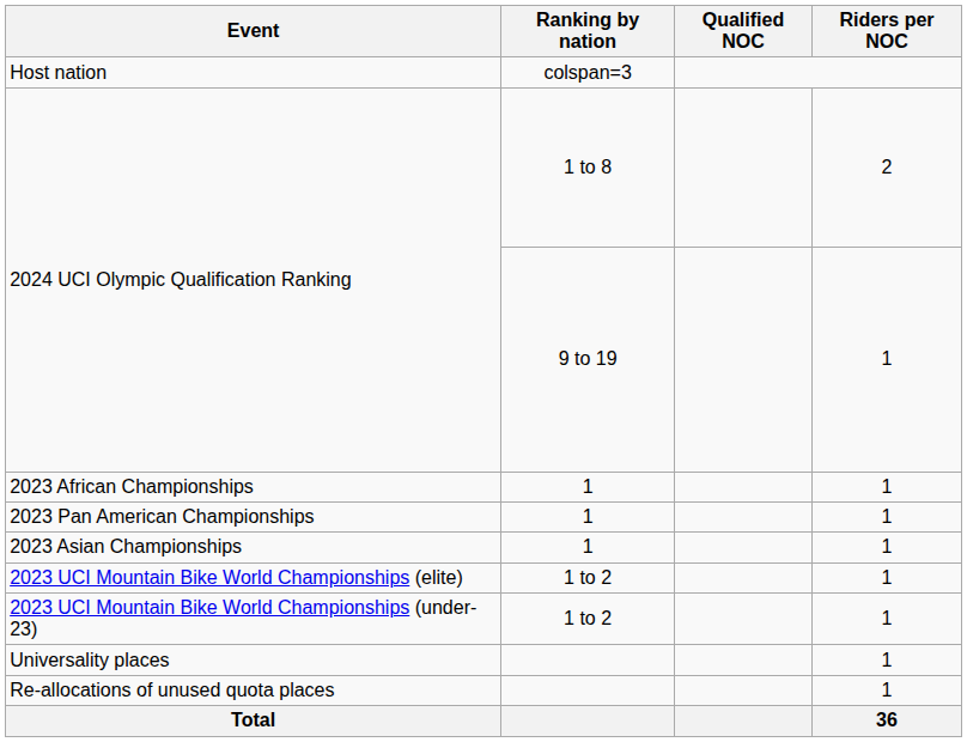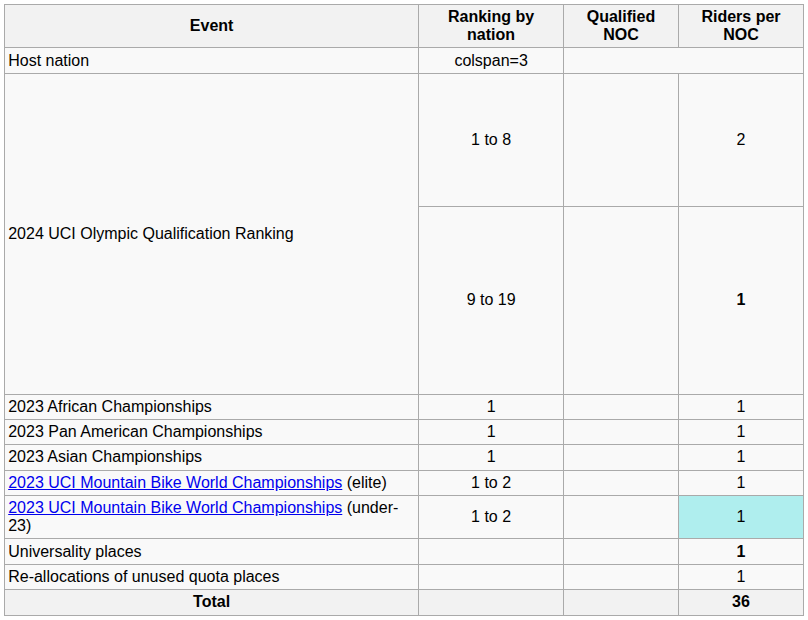 <table class="wikitable"  style="width:800px; text-align:center;">
 <tr>
 <th>Event</th>
 <th>Ranking by nation</th>
 <th>Qualified NOC</th>
 <th>Riders per NOC</th>
 </tr>
 <tr>
 <td align=left>Host nation</td>
 <td>colspan=3 </td>
 </tr>
 <tr>
 <td rowspan=2 align=left>2024 UCI Olympic Qualification Ranking</td>
 <td>1 to 8</td>
 <td align="left"><br><br><br><br><br><br><br></td>
 <td>2</td>
 </tr>
 <tr>
 <td>9 to 19</td>
 <td align="left"><br><br><br><br><br><br><br><br><br><br></td>
-<td>1</td>
+<td><strong>1</strong></td>
 </tr>
 <tr>
 <td align=left>2023 African Championships</td>
 <td>1</td>
 <td align="left"></td>
 <td>1</td>
 </tr>
 <tr>
 <td align=left>2023 Pan American Championships</td>
 <td>1</td>
 <td align="left"></td>
 <td>1</td>
 </tr>
 <tr>
 <td align=left>2023 Asian Championships</td>
 <td>1</td>
 <td align="left"></td>
 <td>1</td>
 </tr>
 <tr>
 <td align=left><a href='#'>2023 UCI Mountain Bike World Championships</a> (elite)</td>
 <td>1 to 2</td>
 <td align="left"><br></td>
 <td>1</td>
 </tr>
 <tr>
 <td align=left><a href='#'>2023 UCI Mountain Bike World Championships</a> (under-23)</td>
 <td>1 to 2</td>
 <td align="left"><br></td>
-<td>1</td>
+<td style="background: paleturquoise;">1</td>
 </tr>
 <tr>
 <td align=left>Universality places</td>
 <td></td>
 <td align="left"></td>
-<td>1</td>
+<td><strong>1</strong></td>
 </tr>
 <tr>
 <td align=left>Re-allocations of unused quota places</td>
 <td></td>
 <td align="left"></td>
 <td>1</td>
 </tr>
 <tr>
 <th>Total</th>
 <th></th>
 <th></th>
 <th>36</th>
 </tr>
 </table>
